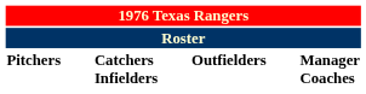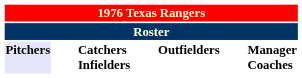 <table class="toccolours" style="font-size: 95%;">
 <tr>
 <th colspan="10" style="background-color: red; color: #FFFDD0; text-align: center;">1976 Texas Rangers</th>
 </tr>
 <tr>
 <td colspan="10" style="background-color: #003366; color: #FFFDD0; text-align: center;"><strong>Roster</strong></td>
 </tr>
 <tr>
-<td valign="top"><strong>Pitchers</strong><br>               </td>
+<td valign="top" style="background: lavender;"><strong>Pitchers</strong><br>               </td>
 <td width="25px"></td>
 <td valign="top"><strong>Catchers</strong><br>   <strong>Infielders</strong>           </td>
 <td width="25px"></td>
 <td valign="top"><strong>Outfielders</strong><br>     </td>
 <td width="25px"></td>
 <td valign="top"><strong>Manager</strong><br> <strong>Coaches</strong>    </td>
 </tr>
 </table>
